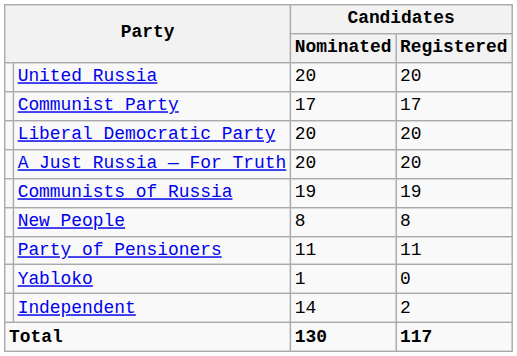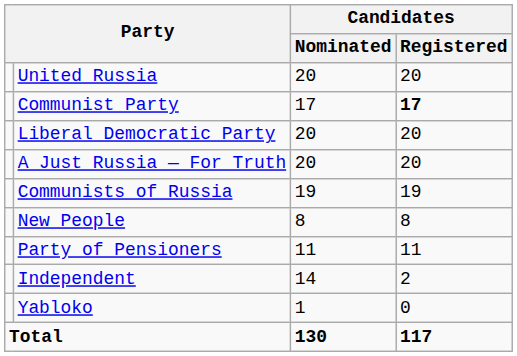 <table class="wikitable sortable" style="background: #f9f9f9; text-align:left; font-size: 95%">
 <tr>
 <th align=center rowspan=2 colspan=2>Party</th>
 <th align=center colspan=2>Candidates</th>
 </tr>
 <tr>
 <th align=center>Nominated</th>
 <th align=center>Registered</th>
 </tr>
 <tr>
 <td></td>
 <td><a href='#'>United Russia</a></td>
 <td>20</td>
 <td>20</td>
 </tr>
 <tr>
 <td></td>
 <td><a href='#'>Communist Party</a></td>
 <td>17</td>
-<td>17</td>
+<td><strong>17</strong></td>
 </tr>
 <tr>
 <td></td>
 <td><a href='#'>Liberal Democratic Party</a></td>
 <td>20</td>
 <td>20</td>
 </tr>
 <tr>
 <td></td>
 <td><a href='#'>A Just Russia — For Truth</a></td>
 <td>20</td>
 <td>20</td>
 </tr>
 <tr>
 <td></td>
 <td><a href='#'>Communists of Russia</a></td>
 <td>19</td>
 <td>19</td>
 </tr>
 <tr>
 <td></td>
 <td><a href='#'>New People</a></td>
 <td>8</td>
 <td>8</td>
 </tr>
 <tr>
 <td></td>
 <td><a href='#'>Party of Pensioners</a></td>
 <td>11</td>
 <td>11</td>
 </tr>
 <tr>
 <td></td>
+<td><a href='#'>Independent</a></td>
+<td>14</td>
+<td>2</td>
+</tr>
+<tr>
+<td></td>
 <td><a href='#'>Yabloko</a></td>
 <td>1</td>
 <td>0</td>
-</tr>
-<tr>
-<td></td>
-<td><a href='#'>Independent</a></td>
-<td>14</td>
-<td>2</td>
 </tr>
 <tr>
 <td colspan=2><strong>Total</strong></td>
 <td><strong>130</strong></td>
 <td><strong>117</strong></td>
 </tr>
 </table>
